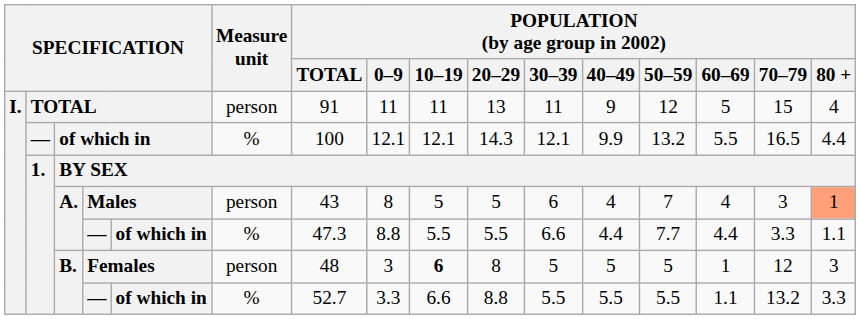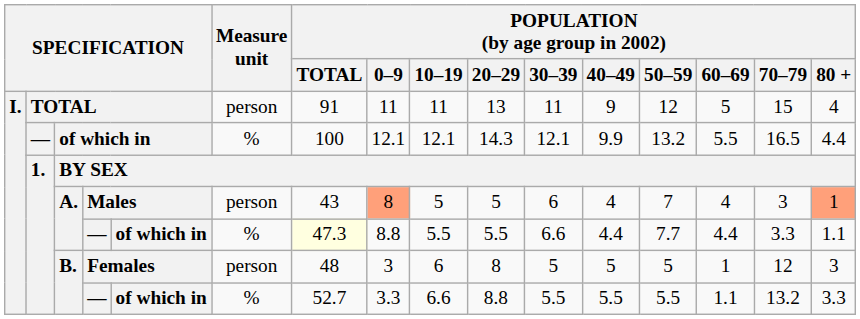 <table class="wikitable" style="font-size:85%; text-align:center">
 <tr>
 <th rowspan="2" colspan="5">SPECIFICATION</th>
 <th rowspan="2">Measure<br> unit</th>
 <th colspan="10" rowspan="1">POPULATION<br> (by age group in 2002)</th>
 </tr>
 <tr>
 <th>TOTAL</th>
 <th>0–9</th>
 <th>10–19</th>
 <th>20–29</th>
 <th>30–39</th>
 <th>40–49</th>
 <th>50–59</th>
 <th>60–69</th>
 <th>70–79</th>
 <th>80 +</th>
 </tr>
 <tr>
 <th style="text-align:left" valign="top" rowspan="7">I.</th>
 <th style="text-align:left" colspan="4">TOTAL</th>
 <td>person</td>
 <td>91</td>
 <td>11</td>
 <td>11</td>
 <td>13</td>
 <td>11</td>
 <td>9</td>
 <td>12</td>
 <td>5</td>
 <td>15</td>
 <td>4</td>
 </tr>
 <tr>
 <th style="text-align:left" valign="top">—</th>
 <th style="text-align:left" colspan="3">of which in</th>
 <td>%</td>
 <td>100</td>
 <td>12.1</td>
 <td>12.1</td>
 <td>14.3</td>
 <td>12.1</td>
 <td>9.9</td>
 <td>13.2</td>
 <td>5.5</td>
 <td>16.5</td>
 <td>4.4</td>
 </tr>
 <tr>
 <th style="text-align:left" valign="top" rowspan="5">1.</th>
 <th style="text-align:left" colspan="14">BY SEX</th>
 </tr>
 <tr>
 <th style="text-align:left" valign="top" rowspan="2">A.</th>
 <th style="text-align:left" colspan="2">Males</th>
 <td>person</td>
 <td>43</td>
-<td>8</td>
+<td style="background: lightsalmon;">8</td>
 <td>5</td>
 <td>5</td>
 <td>6</td>
 <td>4</td>
 <td>7</td>
 <td>4</td>
 <td>3</td>
 <td style="background: lightsalmon;">1</td>
 </tr>
 <tr>
 <th style="text-align:left" valign="top">—</th>
 <th style="text-align:left" colspan="1">of which in</th>
 <td>%</td>
-<td>47.3</td>
+<td style="background: lightyellow;">47.3</td>
 <td>8.8</td>
 <td>5.5</td>
 <td>5.5</td>
 <td>6.6</td>
 <td>4.4</td>
 <td>7.7</td>
 <td>4.4</td>
 <td>3.3</td>
 <td>1.1</td>
 </tr>
 <tr>
 <th style="text-align:left" valign="top" rowspan="2">B.</th>
 <th style="text-align:left" colspan="2">Females</th>
 <td>person</td>
 <td>48</td>
 <td>3</td>
-<td><strong>6</strong></td>
+<td>6</td>
 <td>8</td>
 <td>5</td>
 <td>5</td>
 <td>5</td>
 <td>1</td>
 <td>12</td>
 <td>3</td>
 </tr>
 <tr>
 <th style="text-align:left" valign="top">—</th>
 <th style="text-align:left" colspan="1">of which in</th>
 <td>%</td>
 <td>52.7</td>
 <td>3.3</td>
 <td>6.6</td>
 <td>8.8</td>
 <td>5.5</td>
 <td>5.5</td>
 <td>5.5</td>
 <td>1.1</td>
 <td>13.2</td>
 <td>3.3</td>
 </tr>
 </table>
